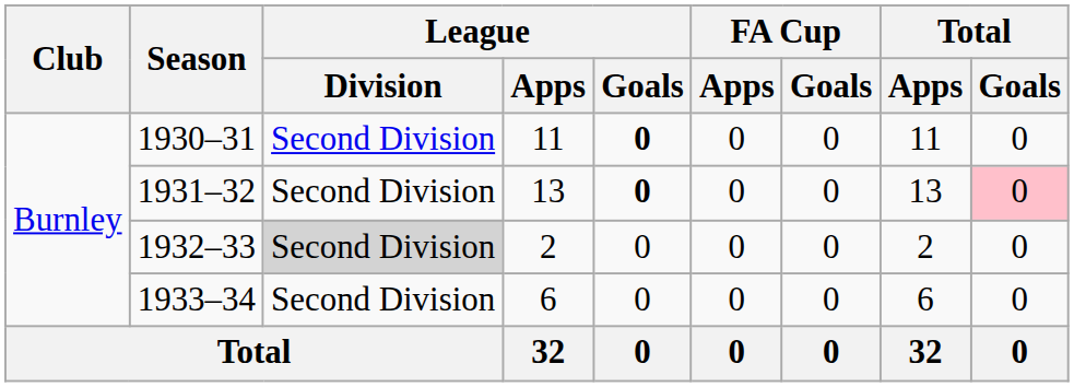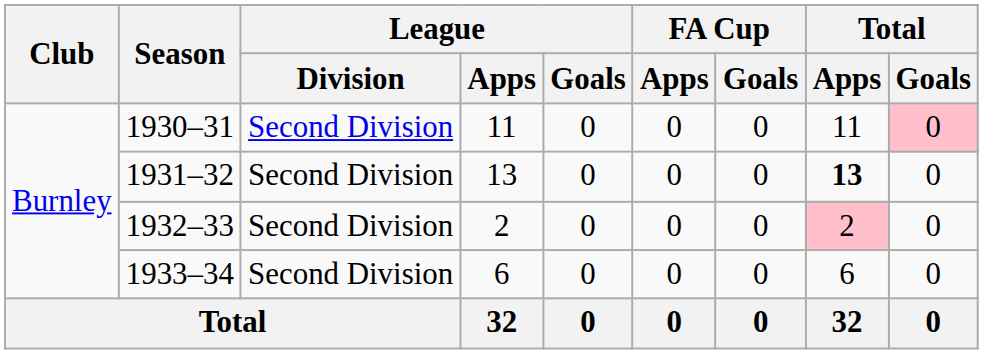 <table class="wikitable" style="text-align: center;">
 <tr>
 <th rowspan="2">Club</th>
 <th rowspan="2">Season</th>
 <th colspan="3">League</th>
 <th colspan="2">FA Cup</th>
 <th colspan="2">Total</th>
 </tr>
 <tr>
 <th>Division</th>
 <th>Apps</th>
 <th>Goals</th>
 <th>Apps</th>
 <th>Goals</th>
 <th>Apps</th>
 <th>Goals</th>
 </tr>
 <tr>
 <td rowspan="4" valign="center"><a href='#'>Burnley</a></td>
 <td>1930–31</td>
 <td><a href='#'>Second Division</a></td>
 <td>11</td>
-<td><strong>0</strong></td>
+<td>0</td>
 <td>0</td>
 <td>0</td>
 <td>11</td>
-<td>0</td>
+<td style="background: pink;">0</td>
 </tr>
 <tr>
 <td>1931–32</td>
 <td>Second Division</td>
 <td>13</td>
-<td><strong>0</strong></td>
 <td>0</td>
 <td>0</td>
-<td>13</td>
-<td style="background: pink;">0</td>
+<td>0</td>
+<td><strong>13</strong></td>
+<td>0</td>
 </tr>
 <tr>
 <td>1932–33</td>
-<td style="background: lightgrey;">Second Division</td>
+<td>Second Division</td>
 <td>2</td>
 <td>0</td>
 <td>0</td>
 <td>0</td>
-<td>2</td>
+<td style="background: pink;">2</td>
 <td>0</td>
 </tr>
 <tr>
 <td>1933–34</td>
 <td>Second Division</td>
 <td>6</td>
 <td>0</td>
 <td>0</td>
 <td>0</td>
 <td>6</td>
 <td>0</td>
 </tr>
 <tr>
 <th colspan="3">Total</th>
 <th>32</th>
 <th>0</th>
 <th>0</th>
 <th>0</th>
 <th>32</th>
 <th>0</th>
 </tr>
 </table>
